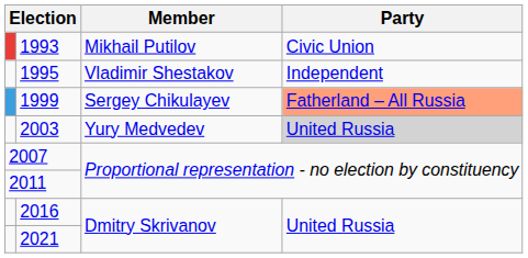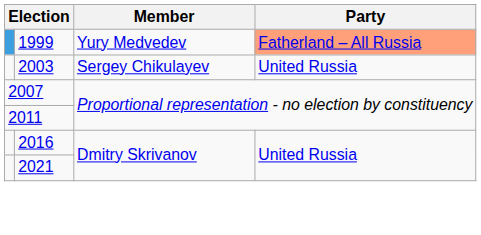 <table class="wikitable">
 <tr>
 <th colspan="2">Election</th>
 <th>Member</th>
 <th>Party</th>
 </tr>
 <tr>
-<td style="background-color:#EA3C38"></td>
-<td><a href='#'>1993</a></td>
-<td><a href='#'>Mikhail Putilov</a></td>
-<td><a href='#'>Civic Union</a></td>
-</tr>
-<tr>
-<td style="background-color:"></td>
-<td><a href='#'>1995</a></td>
-<td><a href='#'>Vladimir Shestakov</a></td>
-<td><a href='#'>Independent</a></td>
-</tr>
-<tr>
 <td style="background-color:#3B9EDF"></td>
 <td><a href='#'>1999</a></td>
-<td><a href='#'>Sergey Chikulayev</a></td>
+<td><a href='#'>Yury Medvedev</a></td>
 <td style="background: lightsalmon;"><a href='#'>Fatherland – All Russia</a></td>
 </tr>
 <tr>
 <td style="background-color:"></td>
 <td><a href='#'>2003</a></td>
-<td><a href='#'>Yury Medvedev</a></td>
-<td style="background: lightgrey;"><a href='#'>United Russia</a></td>
+<td><a href='#'>Sergey Chikulayev</a></td>
+<td><a href='#'>United Russia</a></td>
 </tr>
 <tr>
 <td colspan=2><a href='#'>2007</a></td>
 <td colspan=2 rowspan=2><em><a href='#'>Proportional representation</a> - no election by constituency</em></td>
 </tr>
 <tr>
 <td colspan=2><a href='#'>2011</a></td>
 </tr>
 <tr>
 <td style="background-color: "></td>
 <td><a href='#'>2016</a></td>
 <td rowspan=2><a href='#'>Dmitry Skrivanov</a></td>
 <td rowspan=2><a href='#'>United Russia</a></td>
 </tr>
 <tr>
 <td style="background-color: "></td>
 <td><a href='#'>2021</a></td>
 </tr>
 </table>
